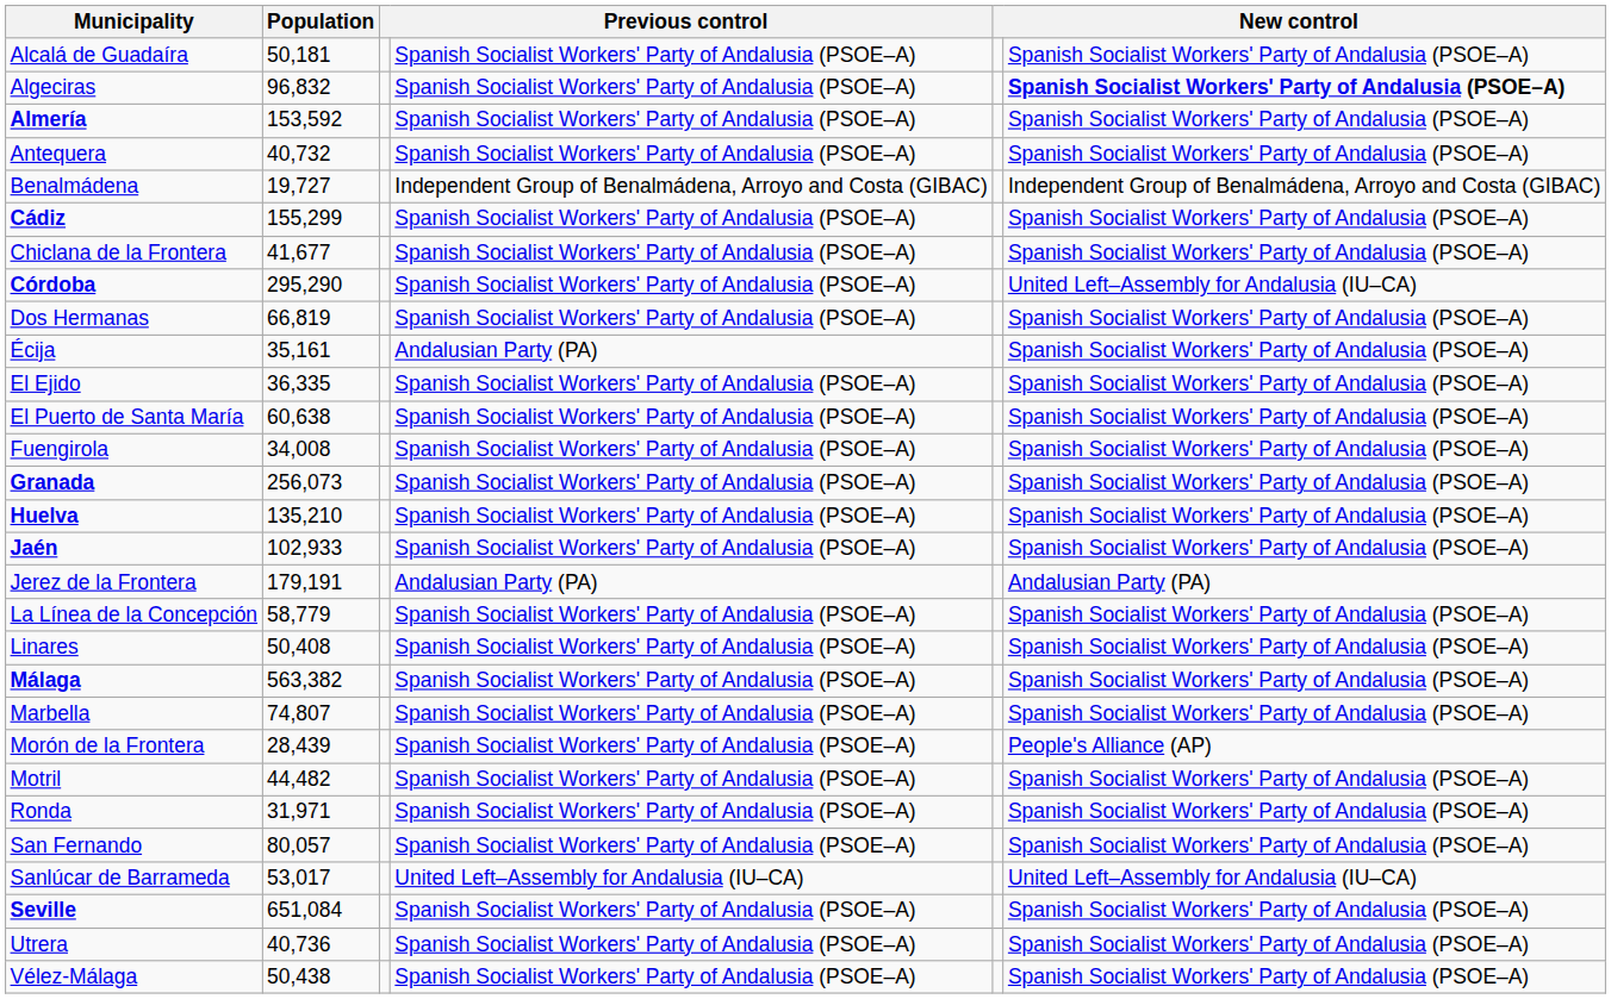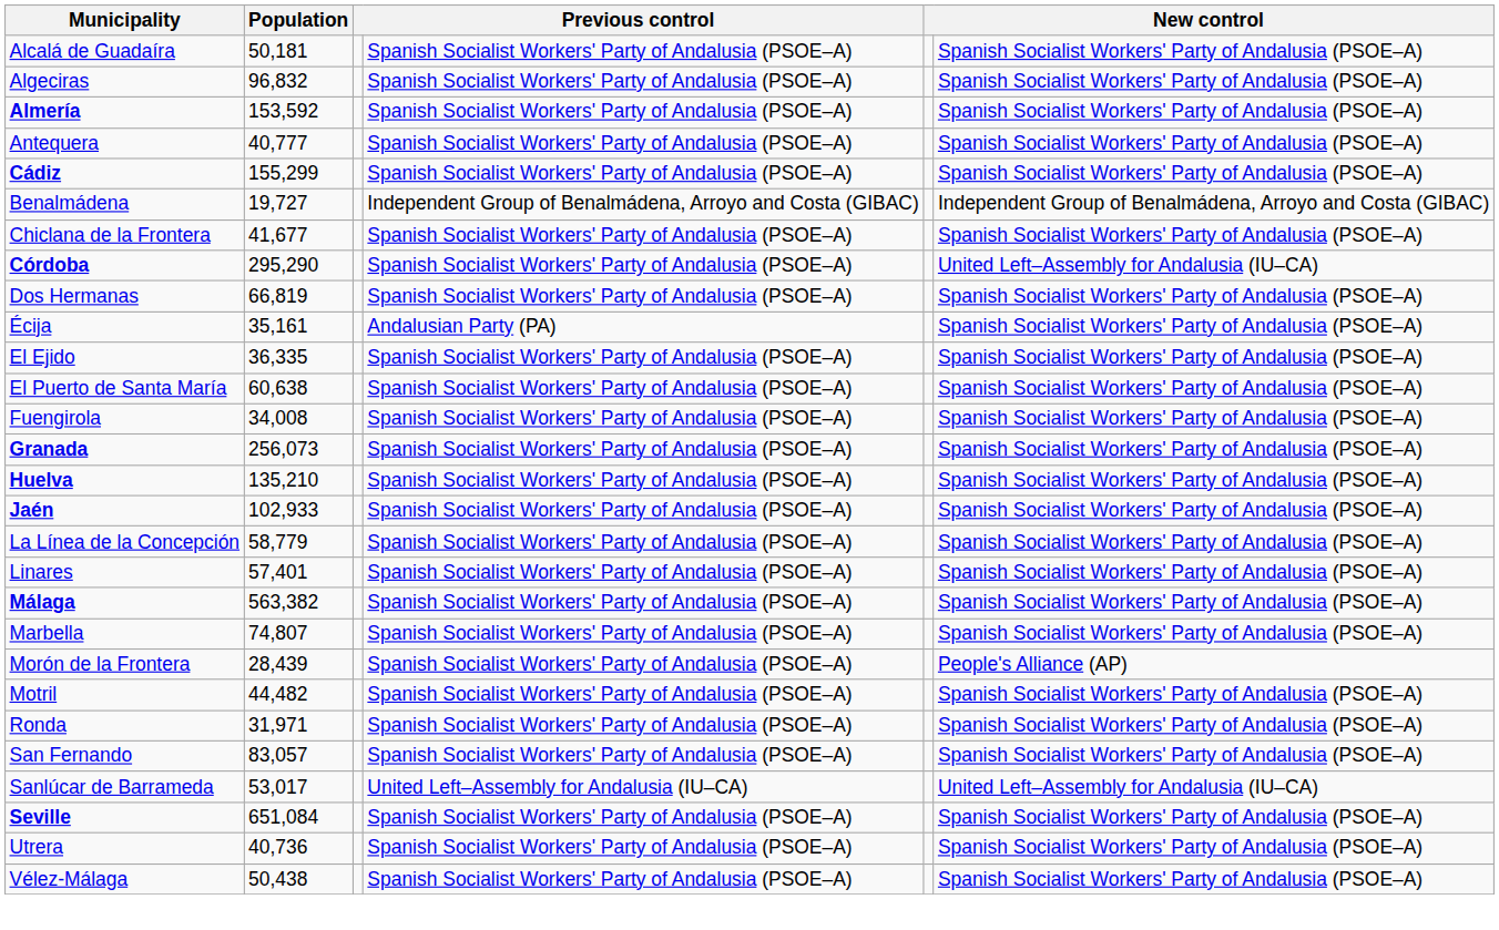 <table class="wikitable sortable">
 <tr>
 <th>Municipality</th>
 <th>Population</th>
 <th colspan="2" style="width:375px;">Previous control</th>
 <th colspan="2" style="width:375px;">New control</th>
 </tr>
 <tr>
 <td><a href='#'>Alcalá de Guadaíra</a></td>
 <td>50,181</td>
 <td width="1" style="color:inherit;background:"></td>
 <td><a href='#'>Spanish Socialist Workers' Party of Andalusia</a> (PSOE–A)</td>
 <td width="1" style="color:inherit;background:"></td>
 <td><a href='#'>Spanish Socialist Workers' Party of Andalusia</a> (PSOE–A)</td>
 </tr>
 <tr>
 <td><a href='#'>Algeciras</a></td>
 <td>96,832</td>
 <td style="color:inherit;background:"></td>
 <td><a href='#'>Spanish Socialist Workers' Party of Andalusia</a> (PSOE–A)</td>
 <td style="color:inherit;background:"></td>
-<td><strong><a href='#'>Spanish Socialist Workers' Party of Andalusia</a> (PSOE–A)</strong></td>
+<td><a href='#'>Spanish Socialist Workers' Party of Andalusia</a> (PSOE–A)</td>
 </tr>
 <tr>
 <td><strong><a href='#'>Almería</a></strong></td>
 <td>153,592</td>
 <td style="color:inherit;background:"></td>
 <td><a href='#'>Spanish Socialist Workers' Party of Andalusia</a> (PSOE–A)</td>
 <td style="color:inherit;background:"></td>
 <td><a href='#'>Spanish Socialist Workers' Party of Andalusia</a> (PSOE–A)</td>
 </tr>
 <tr>
 <td><a href='#'>Antequera</a></td>
-<td>40,732</td>
+<td>40,777</td>
+<td style="color:inherit;background:"></td>
+<td><a href='#'>Spanish Socialist Workers' Party of Andalusia</a> (PSOE–A)</td>
+<td style="color:inherit;background:"></td>
+<td><a href='#'>Spanish Socialist Workers' Party of Andalusia</a> (PSOE–A)</td>
+</tr>
+<tr>
+<td><strong><a href='#'>Cádiz</a></strong></td>
+<td>155,299</td>
 <td style="color:inherit;background:"></td>
 <td><a href='#'>Spanish Socialist Workers' Party of Andalusia</a> (PSOE–A)</td>
 <td style="color:inherit;background:"></td>
 <td><a href='#'>Spanish Socialist Workers' Party of Andalusia</a> (PSOE–A)</td>
 </tr>
 <tr>
 <td><a href='#'>Benalmádena</a></td>
 <td>19,727</td>
 <td style="color:inherit;background:"></td>
 <td>Independent Group of Benalmádena, Arroyo and Costa (GIBAC)</td>
 <td style="color:inherit;background:"></td>
 <td>Independent Group of Benalmádena, Arroyo and Costa (GIBAC)</td>
-</tr>
-<tr>
-<td><strong><a href='#'>Cádiz</a></strong></td>
-<td>155,299</td>
-<td style="color:inherit;background:"></td>
-<td><a href='#'>Spanish Socialist Workers' Party of Andalusia</a> (PSOE–A)</td>
-<td style="color:inherit;background:"></td>
-<td><a href='#'>Spanish Socialist Workers' Party of Andalusia</a> (PSOE–A)</td>
 </tr>
 <tr>
 <td><a href='#'>Chiclana de la Frontera</a></td>
 <td>41,677</td>
 <td style="color:inherit;background:"></td>
 <td><a href='#'>Spanish Socialist Workers' Party of Andalusia</a> (PSOE–A)</td>
 <td style="color:inherit;background:"></td>
 <td><a href='#'>Spanish Socialist Workers' Party of Andalusia</a> (PSOE–A)</td>
 </tr>
 <tr>
 <td><strong><a href='#'>Córdoba</a></strong></td>
 <td>295,290</td>
 <td style="color:inherit;background:"></td>
 <td><a href='#'>Spanish Socialist Workers' Party of Andalusia</a> (PSOE–A)</td>
 <td style="color:inherit;background:"></td>
 <td><a href='#'>United Left–Assembly for Andalusia</a> (IU–CA)</td>
 </tr>
 <tr>
 <td><a href='#'>Dos Hermanas</a></td>
 <td>66,819</td>
 <td style="color:inherit;background:"></td>
 <td><a href='#'>Spanish Socialist Workers' Party of Andalusia</a> (PSOE–A)</td>
 <td style="color:inherit;background:"></td>
 <td><a href='#'>Spanish Socialist Workers' Party of Andalusia</a> (PSOE–A)</td>
 </tr>
 <tr>
 <td><a href='#'>Écija</a></td>
 <td>35,161</td>
 <td style="color:inherit;background:"></td>
 <td><a href='#'>Andalusian Party</a> (PA)</td>
 <td style="color:inherit;background:"></td>
 <td><a href='#'>Spanish Socialist Workers' Party of Andalusia</a> (PSOE–A)</td>
 </tr>
 <tr>
 <td><a href='#'>El Ejido</a></td>
 <td>36,335</td>
 <td style="color:inherit;background:"></td>
 <td><a href='#'>Spanish Socialist Workers' Party of Andalusia</a> (PSOE–A)</td>
 <td style="color:inherit;background:"></td>
 <td><a href='#'>Spanish Socialist Workers' Party of Andalusia</a> (PSOE–A)</td>
 </tr>
 <tr>
 <td><a href='#'>El Puerto de Santa María</a></td>
 <td>60,638</td>
 <td style="color:inherit;background:"></td>
 <td><a href='#'>Spanish Socialist Workers' Party of Andalusia</a> (PSOE–A)</td>
 <td style="color:inherit;background:"></td>
 <td><a href='#'>Spanish Socialist Workers' Party of Andalusia</a> (PSOE–A)</td>
 </tr>
 <tr>
 <td><a href='#'>Fuengirola</a></td>
 <td>34,008</td>
 <td style="color:inherit;background:"></td>
 <td><a href='#'>Spanish Socialist Workers' Party of Andalusia</a> (PSOE–A)</td>
 <td style="color:inherit;background:"></td>
 <td><a href='#'>Spanish Socialist Workers' Party of Andalusia</a> (PSOE–A)</td>
 </tr>
 <tr>
 <td><strong><a href='#'>Granada</a></strong></td>
 <td>256,073</td>
 <td style="color:inherit;background:"></td>
 <td><a href='#'>Spanish Socialist Workers' Party of Andalusia</a> (PSOE–A)</td>
 <td style="color:inherit;background:"></td>
 <td><a href='#'>Spanish Socialist Workers' Party of Andalusia</a> (PSOE–A)</td>
 </tr>
 <tr>
 <td><strong><a href='#'>Huelva</a></strong></td>
 <td>135,210</td>
 <td style="color:inherit;background:"></td>
 <td><a href='#'>Spanish Socialist Workers' Party of Andalusia</a> (PSOE–A)</td>
 <td style="color:inherit;background:"></td>
 <td><a href='#'>Spanish Socialist Workers' Party of Andalusia</a> (PSOE–A)</td>
 </tr>
 <tr>
 <td><strong><a href='#'>Jaén</a></strong></td>
 <td>102,933</td>
 <td style="color:inherit;background:"></td>
 <td><a href='#'>Spanish Socialist Workers' Party of Andalusia</a> (PSOE–A)</td>
 <td style="color:inherit;background:"></td>
 <td><a href='#'>Spanish Socialist Workers' Party of Andalusia</a> (PSOE–A) </td>
 </tr>
 <tr>
-<td><a href='#'>Jerez de la Frontera</a></td>
-<td>179,191</td>
-<td style="color:inherit;background:"></td>
-<td><a href='#'>Andalusian Party</a> (PA)</td>
-<td style="color:inherit;background:"></td>
-<td><a href='#'>Andalusian Party</a> (PA)</td>
-</tr>
-<tr>
 <td><a href='#'>La Línea de la Concepción</a></td>
 <td>58,779</td>
 <td style="color:inherit;background:"></td>
 <td><a href='#'>Spanish Socialist Workers' Party of Andalusia</a> (PSOE–A)</td>
 <td style="color:inherit;background:"></td>
 <td><a href='#'>Spanish Socialist Workers' Party of Andalusia</a> (PSOE–A)</td>
 </tr>
 <tr>
 <td><a href='#'>Linares</a></td>
-<td>50,408</td>
+<td>57,401</td>
 <td style="color:inherit;background:"></td>
 <td><a href='#'>Spanish Socialist Workers' Party of Andalusia</a> (PSOE–A)</td>
 <td style="color:inherit;background:"></td>
 <td><a href='#'>Spanish Socialist Workers' Party of Andalusia</a> (PSOE–A)</td>
 </tr>
 <tr>
 <td><strong><a href='#'>Málaga</a></strong></td>
 <td>563,382</td>
 <td style="color:inherit;background:"></td>
 <td><a href='#'>Spanish Socialist Workers' Party of Andalusia</a> (PSOE–A)</td>
 <td style="color:inherit;background:"></td>
 <td><a href='#'>Spanish Socialist Workers' Party of Andalusia</a> (PSOE–A)</td>
 </tr>
 <tr>
 <td><a href='#'>Marbella</a></td>
 <td>74,807</td>
 <td style="color:inherit;background:"></td>
 <td><a href='#'>Spanish Socialist Workers' Party of Andalusia</a> (PSOE–A)</td>
 <td style="color:inherit;background:"></td>
 <td><a href='#'>Spanish Socialist Workers' Party of Andalusia</a> (PSOE–A)</td>
 </tr>
 <tr>
 <td><a href='#'>Morón de la Frontera</a></td>
 <td>28,439</td>
 <td style="color:inherit;background:"></td>
 <td><a href='#'>Spanish Socialist Workers' Party of Andalusia</a> (PSOE–A)</td>
 <td style="color:inherit;background:"></td>
 <td><a href='#'>People's Alliance</a> (AP)</td>
 </tr>
 <tr>
 <td><a href='#'>Motril</a></td>
 <td>44,482</td>
 <td style="color:inherit;background:"></td>
 <td><a href='#'>Spanish Socialist Workers' Party of Andalusia</a> (PSOE–A)</td>
 <td style="color:inherit;background:"></td>
 <td><a href='#'>Spanish Socialist Workers' Party of Andalusia</a> (PSOE–A)</td>
 </tr>
 <tr>
 <td><a href='#'>Ronda</a></td>
 <td>31,971</td>
 <td style="color:inherit;background:"></td>
 <td><a href='#'>Spanish Socialist Workers' Party of Andalusia</a> (PSOE–A)</td>
 <td style="color:inherit;background:"></td>
 <td><a href='#'>Spanish Socialist Workers' Party of Andalusia</a> (PSOE–A)</td>
 </tr>
 <tr>
 <td><a href='#'>San Fernando</a></td>
-<td>80,057</td>
+<td>83,057</td>
 <td style="color:inherit;background:"></td>
 <td><a href='#'>Spanish Socialist Workers' Party of Andalusia</a> (PSOE–A)</td>
 <td style="color:inherit;background:"></td>
 <td><a href='#'>Spanish Socialist Workers' Party of Andalusia</a> (PSOE–A) </td>
 </tr>
 <tr>
 <td><a href='#'>Sanlúcar de Barrameda</a></td>
 <td>53,017</td>
 <td style="color:inherit;background:"></td>
 <td><a href='#'>United Left–Assembly for Andalusia</a> (IU–CA)</td>
 <td style="color:inherit;background:"></td>
 <td><a href='#'>United Left–Assembly for Andalusia</a> (IU–CA) </td>
 </tr>
 <tr>
 <td><strong><a href='#'>Seville</a></strong></td>
 <td>651,084</td>
 <td style="color:inherit;background:"></td>
 <td><a href='#'>Spanish Socialist Workers' Party of Andalusia</a> (PSOE–A)</td>
 <td style="color:inherit;background:"></td>
 <td><a href='#'>Spanish Socialist Workers' Party of Andalusia</a> (PSOE–A)</td>
 </tr>
 <tr>
 <td><a href='#'>Utrera</a></td>
 <td>40,736</td>
 <td style="color:inherit;background:"></td>
 <td><a href='#'>Spanish Socialist Workers' Party of Andalusia</a> (PSOE–A)</td>
 <td style="color:inherit;background:"></td>
 <td><a href='#'>Spanish Socialist Workers' Party of Andalusia</a> (PSOE–A)</td>
 </tr>
 <tr>
 <td><a href='#'>Vélez-Málaga</a></td>
 <td>50,438</td>
 <td style="color:inherit;background:"></td>
 <td><a href='#'>Spanish Socialist Workers' Party of Andalusia</a> (PSOE–A)</td>
 <td style="color:inherit;background:"></td>
 <td><a href='#'>Spanish Socialist Workers' Party of Andalusia</a> (PSOE–A)</td>
 </tr>
 </table>
